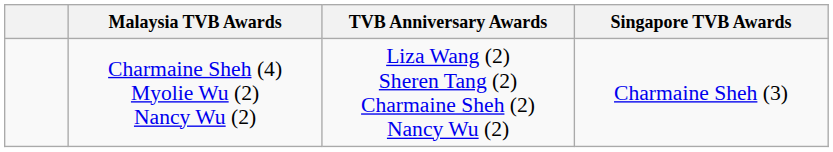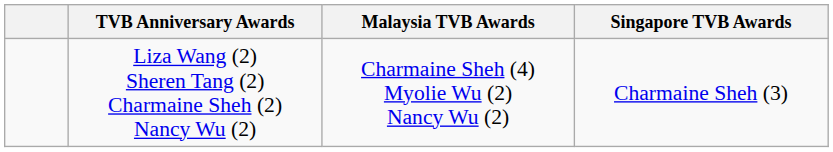 <table class="wikitable" style="text-align:center;">
 <tr>
 <th width=40></th>
+<th width=180><small>TVB Anniversary Awards</small></th>
 <th width=180><small>Malaysia TVB Awards</small></th>
-<th width=180><small>TVB Anniversary Awards</small></th>
 <th width=180><small>Singapore TVB Awards</small></th>
 </tr>
 <tr>
 <td></td>
+<td><a href='#'>Liza Wang</a> (2)<br><a href='#'>Sheren Tang</a> (2)<br><a href='#'>Charmaine Sheh</a> (2)<br><a href='#'>Nancy Wu</a> (2)</td>
 <td><a href='#'>Charmaine Sheh</a> (4)<br><a href='#'>Myolie Wu</a> (2)<br><a href='#'>Nancy Wu</a> (2)</td>
-<td><a href='#'>Liza Wang</a> (2)<br><a href='#'>Sheren Tang</a> (2)<br><a href='#'>Charmaine Sheh</a> (2)<br><a href='#'>Nancy Wu</a> (2)</td>
 <td><a href='#'>Charmaine Sheh</a> (3)</td>
 </tr>
 </table>
